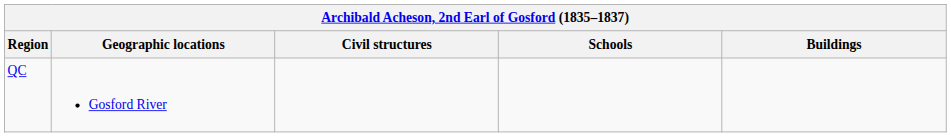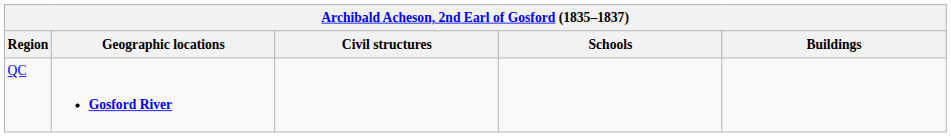 <table class="wikitable sortable" style="font-size:1.00em; line-height:1.5em;">
 <tr>
 <th colspan="5"> <a href='#'>Archibald Acheson, 2nd Earl of Gosford</a> (1835–1837)</th>
 </tr>
 <tr>
 <th width="5%">Region</th>
 <th width="23.75%">Geographic locations</th>
 <th width="23.75%">Civil structures</th>
 <th width="23.75%">Schools</th>
 <th width="23.75%">Buildings</th>
 </tr>
 <tr>
 <td align=left valign=top> <a href='#'>QC</a></td>
-<td align=left valign=top><br><ul><li><a href='#'>Gosford River</a></li></ul></td>
+<td align=left valign=top><strong><br><ul><li><a href='#'>Gosford River</a></li></ul></strong></td>
 <td></td>
 <td></td>
 <td></td>
 </tr>
 </table>
